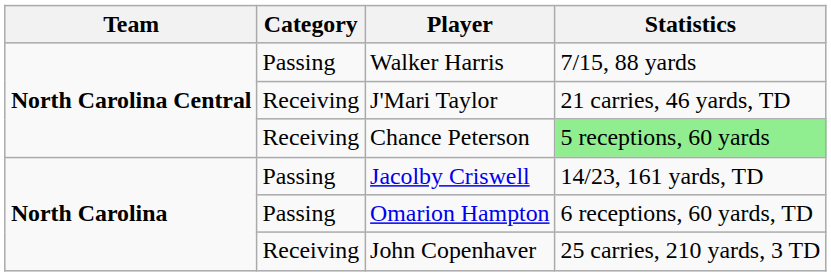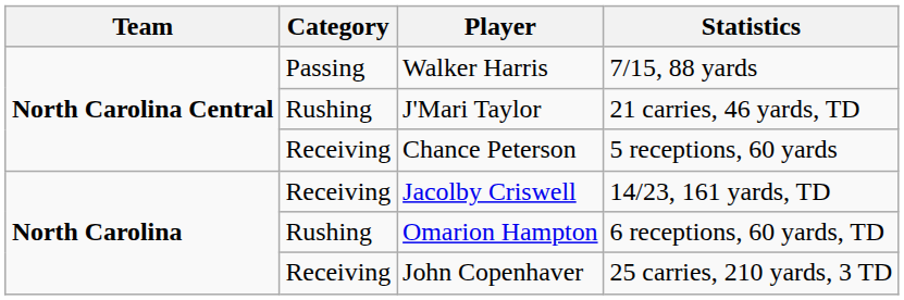 <table class="wikitable" style="float: right;">
 <tr>
 <th>Team</th>
 <th>Category</th>
 <th>Player</th>
 <th>Statistics</th>
 </tr>
 <tr>
 <td rowspan=3><strong>North Carolina Central</strong></td>
 <td>Passing</td>
 <td>Walker Harris</td>
 <td>7/15, 88 yards</td>
 </tr>
 <tr>
-<td>Receiving</td>
+<td>Rushing</td>
 <td>J'Mari Taylor</td>
 <td>21 carries, 46 yards, TD</td>
 </tr>
 <tr>
 <td>Receiving</td>
 <td>Chance Peterson</td>
-<td style="background: lightgreen;">5 receptions, 60 yards</td>
+<td>5 receptions, 60 yards</td>
 </tr>
 <tr>
 <td rowspan=3><strong>North Carolina</strong></td>
-<td>Passing</td>
+<td>Receiving</td>
 <td><a href='#'>Jacolby Criswell</a></td>
 <td>14/23, 161 yards, TD</td>
 </tr>
 <tr>
-<td>Passing</td>
+<td>Rushing</td>
 <td><a href='#'>Omarion Hampton</a></td>
 <td>6 receptions, 60 yards, TD</td>
 </tr>
 <tr>
 <td>Receiving</td>
 <td>John Copenhaver</td>
 <td>25 carries, 210 yards, 3 TD</td>
 </tr>
 </table>
